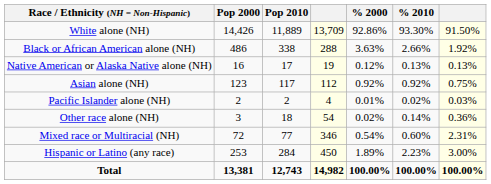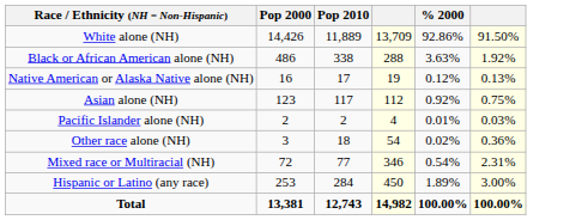 <table class="wikitable" style="text-align:center;">
 <tr>
 <th>Race / Ethnicity <small>(<em>NH = Non-Hispanic</em>)</small></th>
 <th>Pop 2000</th>
 <th>Pop 2010</th>
 <th></th>
 <th>% 2000</th>
-<th>% 2010</th>
 <th></th>
 </tr>
 <tr>
 <td><a href='#'>White</a> alone (NH)</td>
 <td>14,426</td>
 <td>11,889</td>
 <td style='background: #ffffe6;'>13,709</td>
 <td>92.86%</td>
-<td>93.30%</td>
 <td style='background: #ffffe6;'>91.50%</td>
 </tr>
 <tr>
 <td><a href='#'>Black or African American</a> alone (NH)</td>
 <td>486</td>
 <td>338</td>
 <td style='background: #ffffe6;'>288</td>
 <td>3.63%</td>
-<td>2.66%</td>
 <td style='background: #ffffe6;'>1.92%</td>
 </tr>
 <tr>
 <td><a href='#'>Native American</a> or <a href='#'>Alaska Native</a> alone (NH)</td>
 <td>16</td>
 <td>17</td>
 <td style='background: #ffffe6;'>19</td>
 <td>0.12%</td>
-<td>0.13%</td>
 <td style='background: #ffffe6;'>0.13%</td>
 </tr>
 <tr>
 <td><a href='#'>Asian</a> alone (NH)</td>
 <td>123</td>
 <td>117</td>
 <td style='background: #ffffe6;'>112</td>
-<td>0.92%</td>
 <td>0.92%</td>
 <td style='background: #ffffe6;'>0.75%</td>
 </tr>
 <tr>
 <td><a href='#'>Pacific Islander</a> alone (NH)</td>
 <td>2</td>
 <td>2</td>
 <td style='background: #ffffe6;'>4</td>
 <td>0.01%</td>
-<td>0.02%</td>
 <td style='background: #ffffe6;'>0.03%</td>
 </tr>
 <tr>
 <td><a href='#'>Other race</a> alone (NH)</td>
 <td>3</td>
 <td>18</td>
 <td style='background: #ffffe6;'>54</td>
 <td>0.02%</td>
-<td>0.14%</td>
 <td style='background: #ffffe6;'>0.36%</td>
 </tr>
 <tr>
 <td><a href='#'>Mixed race or Multiracial</a> (NH)</td>
 <td>72</td>
 <td>77</td>
 <td style='background: #ffffe6;'>346</td>
 <td>0.54%</td>
-<td>0.60%</td>
 <td style='background: #ffffe6;'>2.31%</td>
 </tr>
 <tr>
 <td><a href='#'>Hispanic or Latino</a> (any race)</td>
 <td>253</td>
 <td>284</td>
 <td style='background: #ffffe6;'>450</td>
 <td>1.89%</td>
-<td>2.23%</td>
 <td style='background: #ffffe6;'>3.00%</td>
 </tr>
 <tr>
 <td><strong>Total</strong></td>
 <td><strong>13,381</strong></td>
 <td><strong>12,743</strong></td>
 <td style='background: #ffffe6;'><strong>14,982</strong></td>
 <td><strong>100.00%</strong></td>
-<td><strong>100.00%</strong></td>
 <td style='background: #ffffe6;'><strong>100.00%</strong></td>
 </tr>
 </table>
